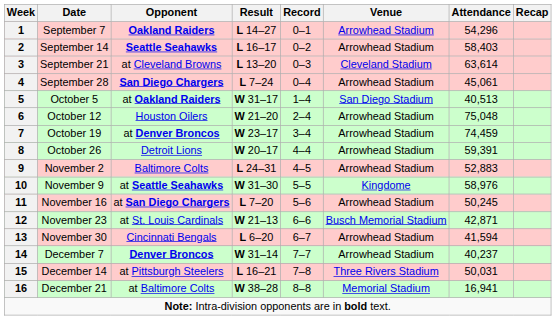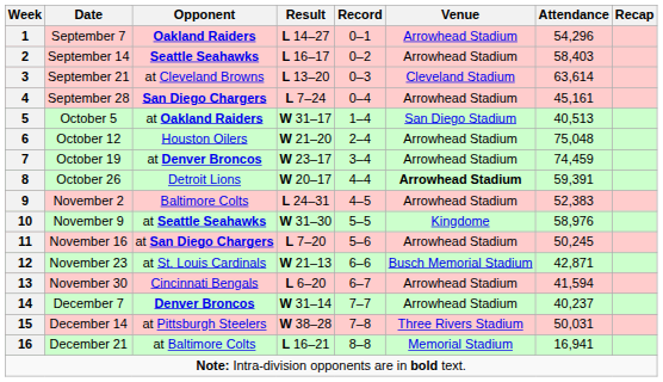 <table class="wikitable" style="text-align:center">
 <tr>
 <th>Week</th>
 <th>Date</th>
 <th>Opponent</th>
 <th>Result</th>
 <th>Record</th>
 <th>Venue</th>
 <th>Attendance</th>
 <th>Recap</th>
 </tr>
 <tr style="background:#fcc">
 <th>1</th>
 <td>September 7</td>
 <td><strong><a href='#'>Oakland Raiders</a></strong></td>
 <td><strong>L</strong> 14–27</td>
 <td>0–1</td>
 <td><a href='#'>Arrowhead Stadium</a></td>
 <td>54,296</td>
 <td></td>
 </tr>
 <tr style="background:#fcc">
 <th>2</th>
 <td>September 14</td>
 <td><strong><a href='#'>Seattle Seahawks</a></strong></td>
 <td><strong>L</strong> 16–17</td>
 <td>0–2</td>
 <td>Arrowhead Stadium</td>
 <td>58,403</td>
 <td></td>
 </tr>
 <tr style="background:#fcc">
 <th>3</th>
 <td>September 21</td>
 <td>at <a href='#'>Cleveland Browns</a></td>
 <td><strong>L</strong> 13–20</td>
 <td>0–3</td>
 <td><a href='#'>Cleveland Stadium</a></td>
 <td>63,614</td>
 <td></td>
 </tr>
 <tr style="background:#fcc">
 <th>4</th>
 <td>September 28</td>
 <td><strong><a href='#'>San Diego Chargers</a></strong></td>
 <td><strong>L</strong> 7–24</td>
 <td>0–4</td>
 <td>Arrowhead Stadium</td>
-<td>45,061</td>
+<td>45,161</td>
 <td></td>
 </tr>
 <tr style="background:#cfc">
 <th>5</th>
 <td>October 5</td>
 <td>at <strong><a href='#'>Oakland Raiders</a></strong></td>
 <td><strong>W</strong> 31–17</td>
 <td>1–4</td>
 <td><a href='#'>San Diego Stadium</a></td>
 <td>40,513</td>
 <td></td>
 </tr>
 <tr style="background:#cfc">
 <th>6</th>
 <td>October 12</td>
 <td><a href='#'>Houston Oilers</a></td>
 <td><strong>W</strong> 21–20</td>
 <td>2–4</td>
 <td>Arrowhead Stadium</td>
 <td>75,048</td>
 <td></td>
 </tr>
 <tr style="background:#cfc">
 <th>7</th>
 <td>October 19</td>
 <td>at <strong><a href='#'>Denver Broncos</a> </strong></td>
 <td><strong>W</strong> 23–17</td>
 <td>3–4</td>
 <td>Arrowhead Stadium</td>
 <td>74,459</td>
 <td></td>
 </tr>
 <tr style="background:#cfc">
 <th>8</th>
 <td>October 26</td>
 <td><a href='#'>Detroit Lions</a></td>
 <td><strong>W</strong> 20–17</td>
 <td>4–4</td>
-<td>Arrowhead Stadium</td>
+<td><strong>Arrowhead Stadium</strong></td>
 <td>59,391</td>
 <td></td>
 </tr>
 <tr style="background:#fcc">
 <th>9</th>
 <td>November 2</td>
 <td><a href='#'>Baltimore Colts</a></td>
 <td><strong>L</strong> 24–31</td>
 <td>4–5</td>
 <td>Arrowhead Stadium</td>
-<td>52,883</td>
+<td>52,383</td>
 <td></td>
 </tr>
 <tr style="background:#cfc">
 <th>10</th>
 <td>November 9</td>
 <td>at <strong><a href='#'>Seattle Seahawks</a></strong></td>
 <td><strong>W</strong> 31–30</td>
 <td>5–5</td>
 <td><a href='#'>Kingdome</a></td>
 <td>58,976</td>
 <td></td>
 </tr>
 <tr style="background:#fcc">
 <th>11</th>
 <td>November 16</td>
 <td>at <strong><a href='#'>San Diego Chargers</a></strong></td>
 <td><strong>L</strong> 7–20</td>
 <td>5–6</td>
 <td>Arrowhead Stadium</td>
 <td>50,245</td>
 <td></td>
 </tr>
 <tr style="background:#cfc">
 <th>12</th>
 <td>November 23</td>
 <td>at <a href='#'>St. Louis Cardinals</a></td>
 <td><strong>W</strong> 21–13</td>
 <td>6–6</td>
 <td><a href='#'>Busch Memorial Stadium</a></td>
 <td>42,871</td>
 <td></td>
 </tr>
 <tr style="background:#fcc">
 <th>13</th>
 <td>November 30</td>
 <td><a href='#'>Cincinnati Bengals</a></td>
 <td><strong>L</strong> 6–20</td>
 <td>6–7</td>
 <td>Arrowhead Stadium</td>
 <td>41,594</td>
 <td></td>
 </tr>
 <tr style="background:#cfc">
 <th>14</th>
 <td>December 7</td>
 <td><strong><a href='#'>Denver Broncos</a> </strong></td>
 <td><strong>W</strong> 31–14</td>
 <td>7–7</td>
 <td>Arrowhead Stadium</td>
 <td>40,237</td>
 <td></td>
 </tr>
 <tr style="background:#fcc">
 <th>15</th>
 <td>December 14</td>
 <td>at <a href='#'>Pittsburgh Steelers</a></td>
-<td><strong>L</strong> 16–21</td>
+<td><strong>W</strong> 38–28</td>
 <td>7–8</td>
 <td><a href='#'>Three Rivers Stadium</a></td>
 <td>50,031</td>
 <td></td>
 </tr>
 <tr style="background:#cfc">
 <th>16</th>
 <td>December 21</td>
 <td>at <a href='#'>Baltimore Colts</a></td>
-<td><strong>W</strong> 38–28</td>
+<td><strong>L</strong> 16–21</td>
 <td>8–8</td>
 <td><a href='#'>Memorial Stadium</a></td>
 <td>16,941</td>
 <td></td>
 </tr>
 <tr>
 <td colspan="8"><strong>Note:</strong> Intra-division opponents are in <strong>bold</strong> text.</td>
 </tr>
 </table>
